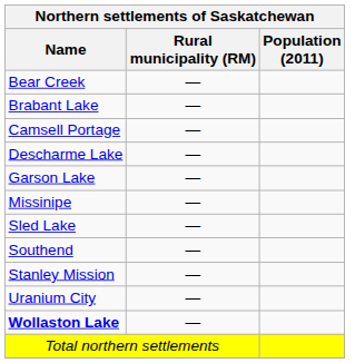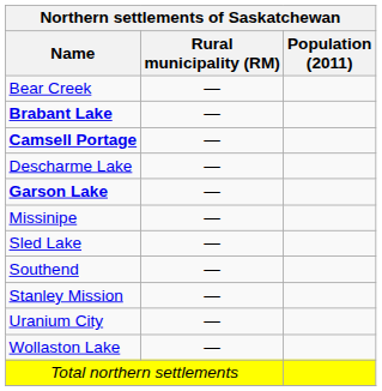 <table class="wikitable sortable collapsible">
 <tr>
 <th colspan=3>Northern settlements of Saskatchewan</th>
 </tr>
 <tr>
 <th>Name</th>
 <th>Rural<br>municipality (RM)</th>
 <th>Population<br>(2011)</th>
 </tr>
 <tr>
 <td><a href='#'>Bear Creek</a></td>
 <td align=center>—</td>
 <td align=center></td>
 </tr>
 <tr>
-<td><a href='#'>Brabant Lake</a></td>
+<td><strong><a href='#'>Brabant Lake</a></strong></td>
 <td align=center>—</td>
 <td align=center></td>
 </tr>
 <tr>
-<td><a href='#'>Camsell Portage</a></td>
+<td><strong><a href='#'>Camsell Portage</a></strong></td>
 <td align=center>—</td>
 <td align=center></td>
 </tr>
 <tr>
 <td><a href='#'>Descharme Lake</a></td>
 <td align=center>—</td>
 <td align=center></td>
 </tr>
 <tr>
-<td><a href='#'>Garson Lake</a></td>
+<td><strong><a href='#'>Garson Lake</a></strong></td>
 <td align=center>—</td>
 <td align=center></td>
 </tr>
 <tr>
 <td><a href='#'>Missinipe</a></td>
 <td align=center>—</td>
 <td align=center></td>
 </tr>
 <tr>
 <td><a href='#'>Sled Lake</a></td>
 <td align=center>—</td>
 <td align=center></td>
 </tr>
 <tr>
 <td><a href='#'>Southend</a></td>
 <td align=center>—</td>
 <td align=center></td>
 </tr>
 <tr>
 <td><a href='#'>Stanley Mission</a></td>
 <td align=center>—</td>
 <td align=center></td>
 </tr>
 <tr>
 <td><a href='#'>Uranium City</a></td>
 <td align=center>—</td>
 <td align=center></td>
 </tr>
 <tr>
-<td><strong><a href='#'>Wollaston Lake</a></strong></td>
+<td><a href='#'>Wollaston Lake</a></td>
 <td align=center>—</td>
 <td align=center></td>
 </tr>
 <tr class="sortbottom" bgcolor="yellow" align="center">
 <td colspan=2 bgcolor="yellow" align="center"><em>Total northern settlements</em></td>
 <td bgcolor="yellow" align="center"><em></em></td>
 </tr>
 <tr>
 </tr>
 </table>
